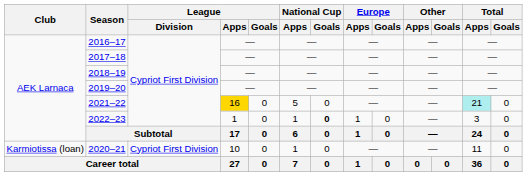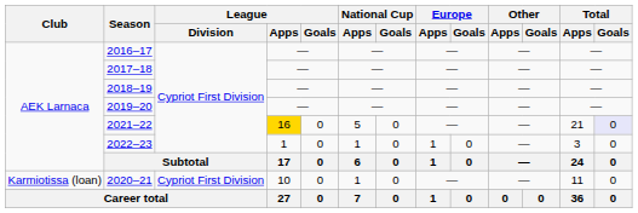 <table class="wikitable" style="text-align:center">
 <tr>
 <th rowspan=2>Club</th>
 <th rowspan=2>Season</th>
 <th colspan=3>League</th>
 <th colspan=2>National Cup</th>
 <th colspan=2><a href='#'>Europe</a></th>
 <th colspan=2>Other</th>
 <th colspan=2>Total</th>
 </tr>
 <tr>
 <th>Division</th>
 <th>Apps</th>
 <th>Goals</th>
 <th>Apps</th>
 <th>Goals</th>
 <th>Apps</th>
 <th>Goals</th>
 <th>Apps</th>
 <th>Goals</th>
 <th>Apps</th>
 <th>Goals</th>
 </tr>
 <tr>
 <td rowspan="7"><a href='#'>AEK Larnaca</a></td>
 <td><a href='#'>2016–17</a></td>
 <td rowspan="6"><a href='#'>Cypriot First Division</a></td>
 <td colspan="2">—</td>
 <td colspan="2">—</td>
 <td colspan="2">—</td>
 <td colspan="2">—</td>
 <td colspan="2">—</td>
 </tr>
 <tr>
 <td><a href='#'>2017–18</a></td>
 <td colspan="2">—</td>
 <td colspan="2">—</td>
 <td colspan="2">—</td>
 <td colspan="2">—</td>
 <td colspan="2">—</td>
 </tr>
 <tr>
 <td><a href='#'>2018–19</a></td>
 <td colspan="2">—</td>
 <td colspan="2">—</td>
 <td colspan="2">—</td>
 <td colspan="2">—</td>
 <td colspan="2">—</td>
 </tr>
 <tr>
 <td><a href='#'>2019–20</a></td>
 <td colspan="2">—</td>
 <td colspan="2">—</td>
 <td colspan="2">—</td>
 <td colspan="2">—</td>
 <td colspan="2">—</td>
 </tr>
 <tr>
 <td><a href='#'>2021–22</a></td>
 <td style="background: gold;">16</td>
 <td>0</td>
 <td>5</td>
 <td>0</td>
 <td colspan="2">—</td>
 <td colspan="2">—</td>
-<td style="background: paleturquoise;">21</td>
-<td>0</td>
+<td>21</td>
+<td style="background: lavender;">0</td>
 </tr>
 <tr>
 <td><a href='#'>2022–23</a></td>
 <td>1</td>
 <td>0</td>
 <td>1</td>
-<td><strong>0</strong></td>
+<td>0</td>
 <td>1</td>
 <td>0</td>
 <td colspan="2">—</td>
 <td>3</td>
 <td>0</td>
 </tr>
 <tr>
 <th colspan=2>Subtotal</th>
 <th>17</th>
 <th>0</th>
 <th>6</th>
 <th>0</th>
 <th>1</th>
 <th>0</th>
 <th colspan="2">—</th>
 <th>24</th>
 <th>0</th>
 </tr>
 <tr>
 <td rowspan="1"><a href='#'>Karmiotissa</a> (loan)</td>
 <td><a href='#'>2020–21</a></td>
 <td rowspan="1"><a href='#'>Cypriot First Division</a></td>
 <td>10</td>
 <td>0</td>
 <td>1</td>
 <td>0</td>
 <td colspan="2">—</td>
 <td colspan="2">—</td>
 <td>11</td>
 <td>0</td>
 </tr>
 <tr>
 <th colspan="3">Career total</th>
 <th>27</th>
 <th>0</th>
 <th>7</th>
 <th>0</th>
 <th>1</th>
 <th>0</th>
 <th>0</th>
 <th>0</th>
 <th>36</th>
 <th>0</th>
 </tr>
 </table>
